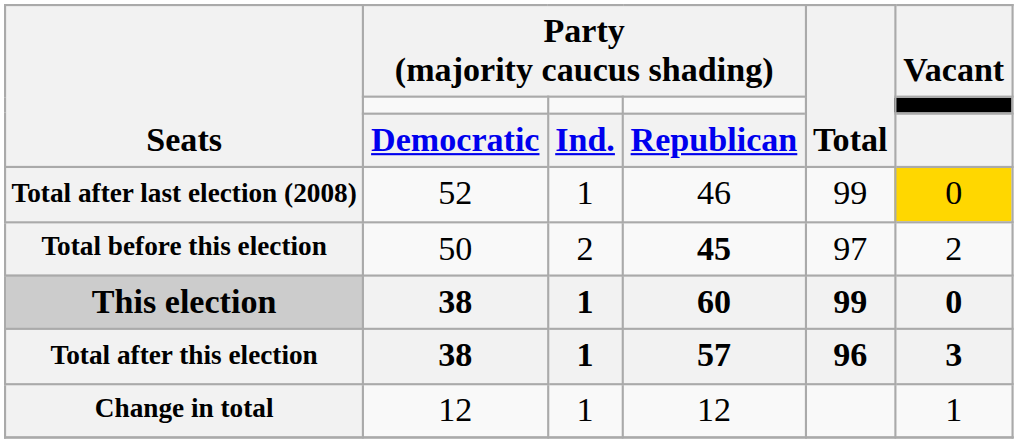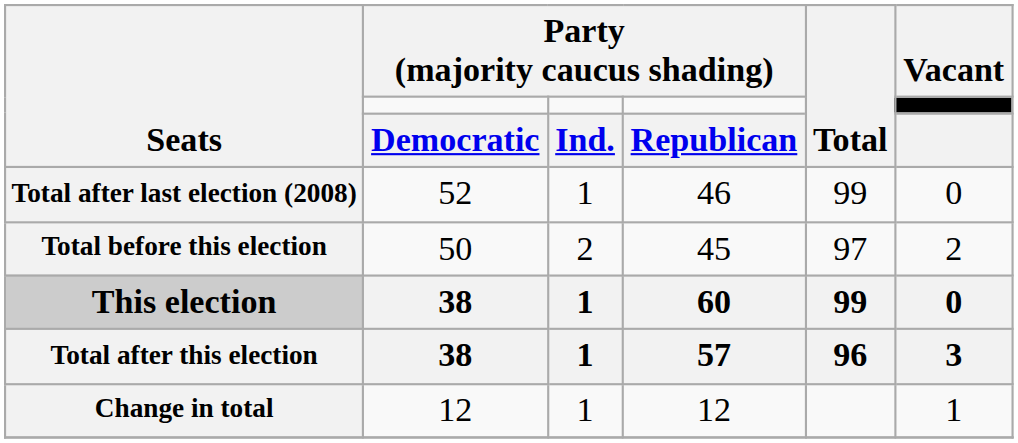 <table class=wikitable style="text-align:center">
 <tr style="vertical-align:bottom;">
 <th rowspan=3>Seats</th>
 <th colspan=3>Party <div>(majority caucus shading)</div></th>
 <th rowspan=3>Total</th>
 <th>Vacant</th>
 </tr>
 <tr style="height:5px">
 <td style="background-color:"></td>
 <td style="background-color:"></td>
 <td style="background-color:"></td>
 <td style="background-color:black"></td>
 </tr>
 <tr>
 <th><a href='#'>Democratic</a></th>
 <th><a href='#'>Ind.</a></th>
 <th><a href='#'>Republican</a></th>
 <th></th>
 </tr>
 <tr>
 <th nowrap style="font-size:80%">Total after last election (2008)</th>
 <td>52</td>
 <td>1</td>
 <td>46</td>
 <td>99</td>
-<td style="background: gold;">0</td>
+<td>0</td>
 </tr>
 <tr>
 <th nowrap style="font-size:80%">Total before this election</th>
 <td>50</td>
 <td>2</td>
-<td><strong>45</strong></td>
+<td>45</td>
 <td>97</td>
 <td>2</td>
 </tr>
 <tr>
 <th style="background:#ccc">This election</th>
 <th>38</th>
 <th>1</th>
 <th>60</th>
 <th>99</th>
 <th>0</th>
 </tr>
 <tr>
 <th nowrap style="font-size:80%">Total after this election</th>
 <th>38</th>
 <th>1</th>
 <th>57</th>
 <th>96</th>
 <th>3</th>
 </tr>
 <tr>
 <th nowrap style="font-size:80%">Change in total</th>
 <td> 12</td>
 <td> 1</td>
 <td> 12</td>
 <td></td>
 <td> 1</td>
 </tr>
 <tr>
 </tr>
 </table>
